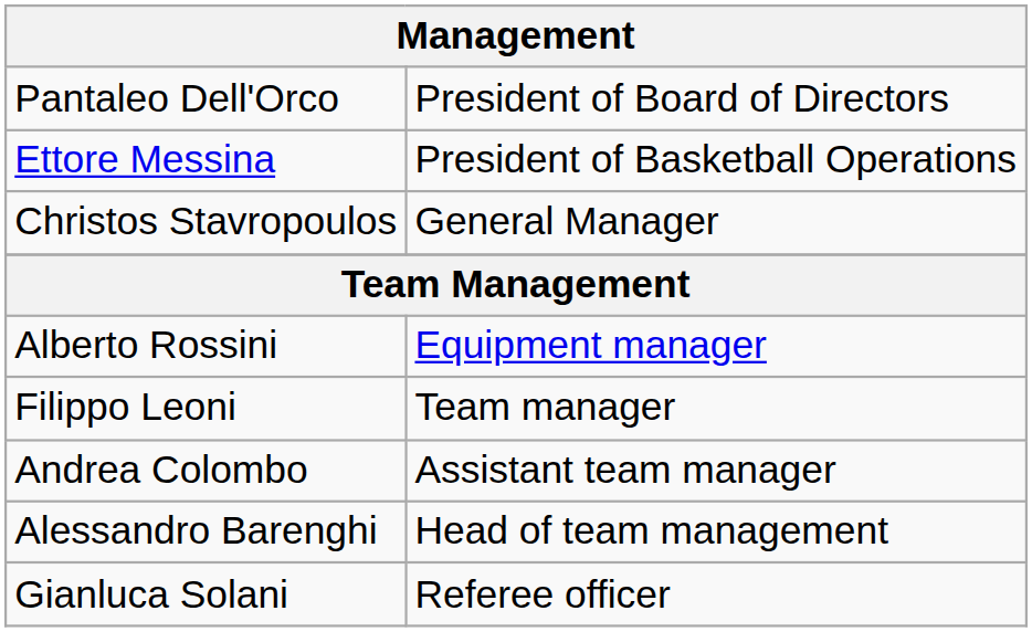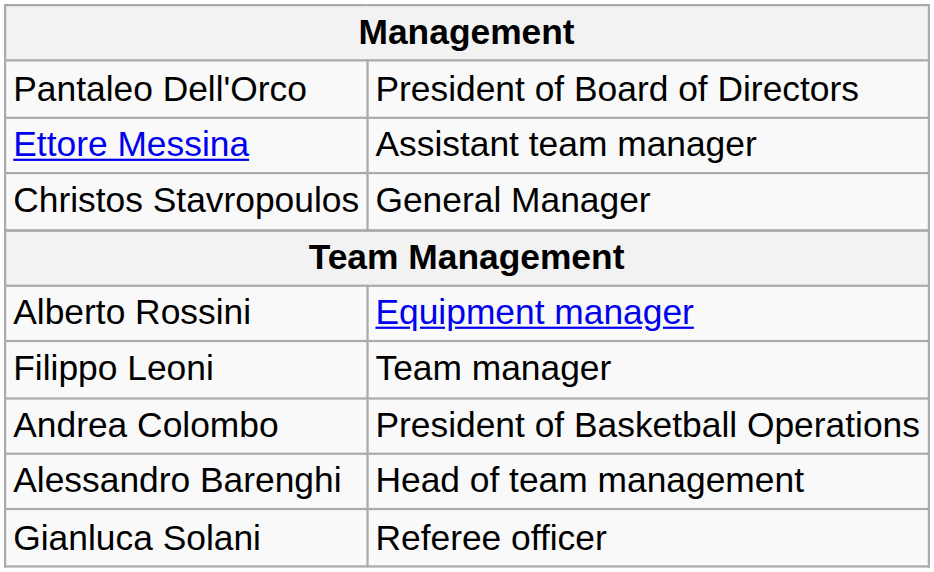 <table class="wikitable sortable">
 <tr>
 <th colspan=2>Management</th>
 </tr>
 <tr>
 <td>Pantaleo Dell'Orco</td>
 <td>President of Board of Directors</td>
 </tr>
 <tr>
 <td><a href='#'>Ettore Messina</a></td>
-<td>President of Basketball Operations</td>
+<td>Assistant team manager</td>
 </tr>
 <tr>
 <td>Christos Stavropoulos</td>
 <td>General Manager</td>
 </tr>
 <tr>
 </tr>
 <tr>
 <th colspan=2>Team Management</th>
 </tr>
 <tr>
 <td>Alberto Rossini</td>
 <td><a href='#'>Equipment manager</a></td>
 </tr>
 <tr>
 <td>Filippo Leoni</td>
 <td>Team manager</td>
 </tr>
 <tr>
 <td>Andrea Colombo</td>
-<td>Assistant team manager</td>
+<td>President of Basketball Operations</td>
 </tr>
 <tr>
 <td>Alessandro Barenghi</td>
 <td>Head of team management</td>
 </tr>
 <tr>
 <td>Gianluca Solani</td>
 <td>Referee officer</td>
 </tr>
 </table>
